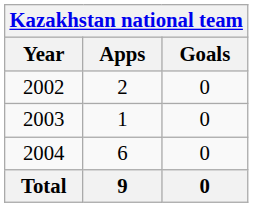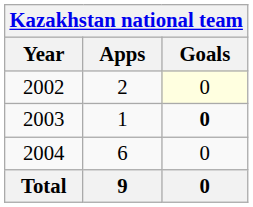 <table class="wikitable" style="text-align:center">
 <tr>
 <th colspan=3><a href='#'>Kazakhstan national team</a></th>
 </tr>
 <tr>
 <th>Year</th>
 <th>Apps</th>
 <th>Goals</th>
 </tr>
 <tr>
 <td>2002</td>
 <td>2</td>
-<td>0</td>
+<td style="background: lightyellow;">0</td>
 </tr>
 <tr>
 <td>2003</td>
 <td>1</td>
-<td>0</td>
+<td><strong>0</strong></td>
 </tr>
 <tr>
 <td>2004</td>
 <td>6</td>
 <td>0</td>
 </tr>
 <tr>
 <th>Total</th>
 <th>9</th>
 <th>0</th>
 </tr>
 </table>
